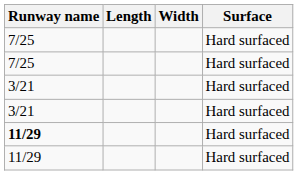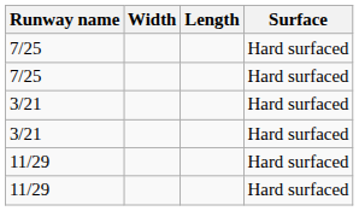 <table class="wikitable">
 <tr>
 <th>Runway name</th>
+<th>Width</th>
 <th>Length</th>
-<th>Width</th>
 <th>Surface</th>
 </tr>
 <tr>
 <td>7/25</td>
 <td></td>
 <td></td>
 <td>Hard surfaced</td>
 </tr>
 <tr>
 <td>7/25</td>
 <td></td>
 <td></td>
 <td>Hard surfaced</td>
 </tr>
 <tr>
 <td>3/21</td>
 <td></td>
 <td></td>
 <td>Hard surfaced</td>
 </tr>
 <tr>
 <td>3/21</td>
 <td></td>
 <td></td>
 <td>Hard surfaced</td>
 </tr>
 <tr>
-<td><strong>11/29</strong></td>
+<td>11/29</td>
 <td></td>
 <td></td>
 <td>Hard surfaced</td>
 </tr>
 <tr>
 <td>11/29</td>
 <td></td>
 <td></td>
 <td>Hard surfaced</td>
 </tr>
 </table>
